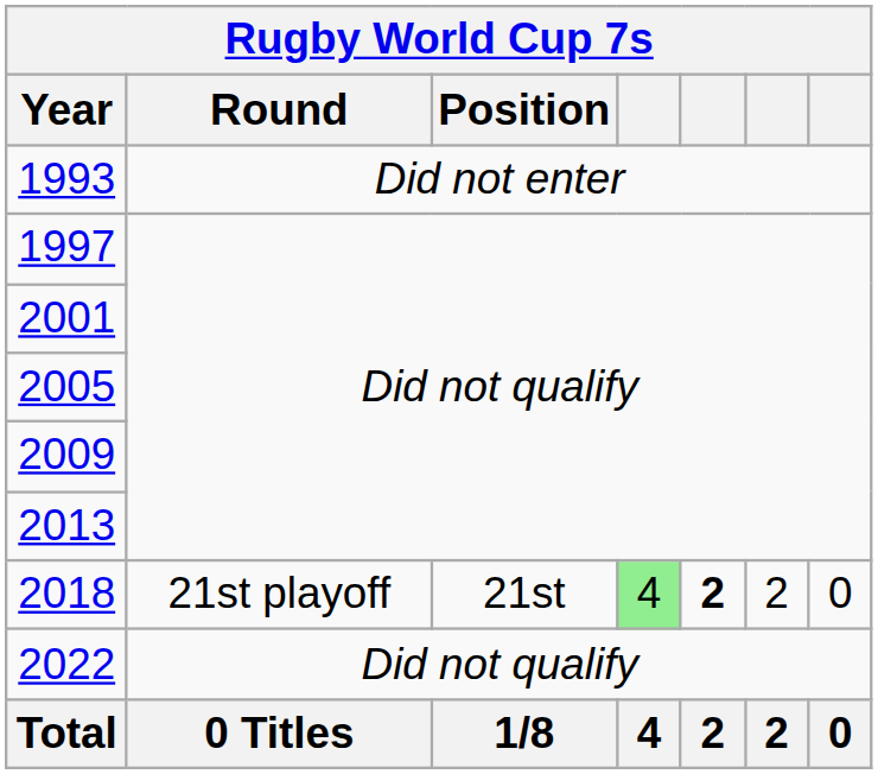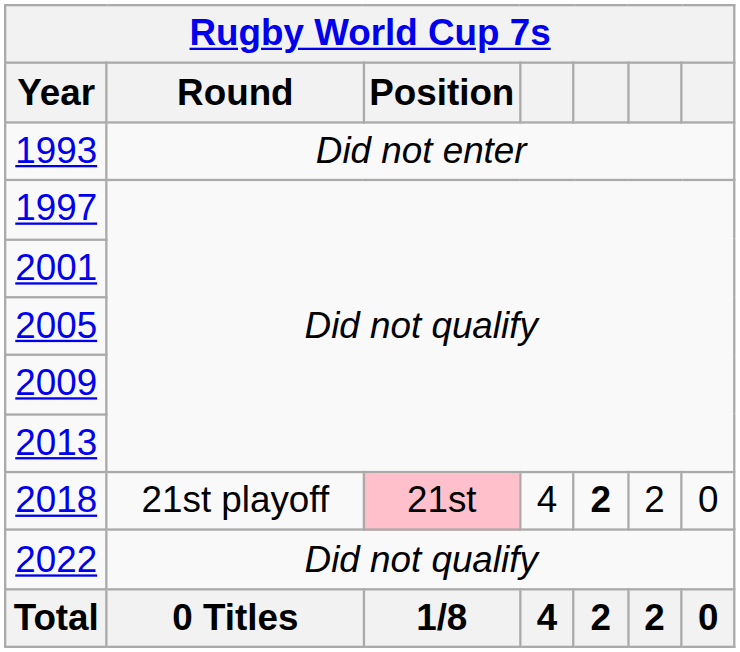 <table class="wikitable" style="text-align: center;">
 <tr>
 <th colspan=10><a href='#'>Rugby World Cup 7s</a></th>
 </tr>
 <tr>
 <th>Year</th>
 <th style="width:6.5em;">Round</th>
 <th style="padding:2px;">Position</th>
 <th style="width:1em;"></th>
 <th style="width:1em;"></th>
 <th style="width:1em;"></th>
 <th style="width:1em;"></th>
 </tr>
 <tr>
 <td> <a href='#'>1993</a></td>
 <td colspan=6><em>Did not enter</em></td>
 </tr>
 <tr>
 <td> <a href='#'>1997</a></td>
 <td colspan=6 rowspan=5><em>Did not qualify</em></td>
 </tr>
 <tr>
 <td> <a href='#'>2001</a></td>
 </tr>
 <tr>
 <td> <a href='#'>2005</a></td>
 </tr>
 <tr>
 <td> <a href='#'>2009</a></td>
 </tr>
 <tr>
 <td> <a href='#'>2013</a></td>
 </tr>
 <tr>
 <td> <a href='#'>2018</a></td>
 <td>21st playoff</td>
-<td>21st</td>
-<td style="background: lightgreen;">4</td>
+<td style="background: pink;">21st</td>
+<td>4</td>
 <td><strong>2</strong></td>
 <td>2</td>
 <td>0</td>
 </tr>
 <tr>
 <td> <a href='#'>2022</a></td>
 <td colspan=6><em>Did not qualify</em></td>
 </tr>
 <tr>
 <th>Total</th>
 <th>0 Titles</th>
 <th>1/8</th>
 <th>4</th>
 <th>2</th>
 <th>2</th>
 <th>0</th>
 </tr>
 </table>
